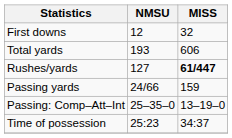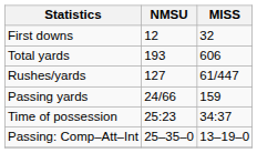 <table class="wikitable" style="float: left;">
 <tr>
 <th>Statistics</th>
 <th>NMSU</th>
 <th>MISS</th>
 </tr>
 <tr>
 <td>First downs</td>
 <td>12</td>
 <td>32</td>
 </tr>
 <tr>
 <td>Total yards</td>
 <td>193</td>
 <td>606</td>
 </tr>
 <tr>
 <td>Rushes/yards</td>
 <td>127</td>
-<td><strong>61/447</strong></td>
+<td>61/447</td>
 </tr>
 <tr>
 <td>Passing yards</td>
 <td>24/66</td>
 <td>159</td>
 </tr>
 <tr>
+<td>Time of possession</td>
+<td>25:23</td>
+<td>34:37</td>
+</tr>
+<tr>
 <td>Passing: Comp–Att–Int</td>
 <td>25–35–0</td>
 <td>13–19–0</td>
 </tr>
 <tr>
-<td>Time of possession</td>
-<td>25:23</td>
-<td>34:37</td>
-</tr>
-<tr>
 </tr>
 </table>
